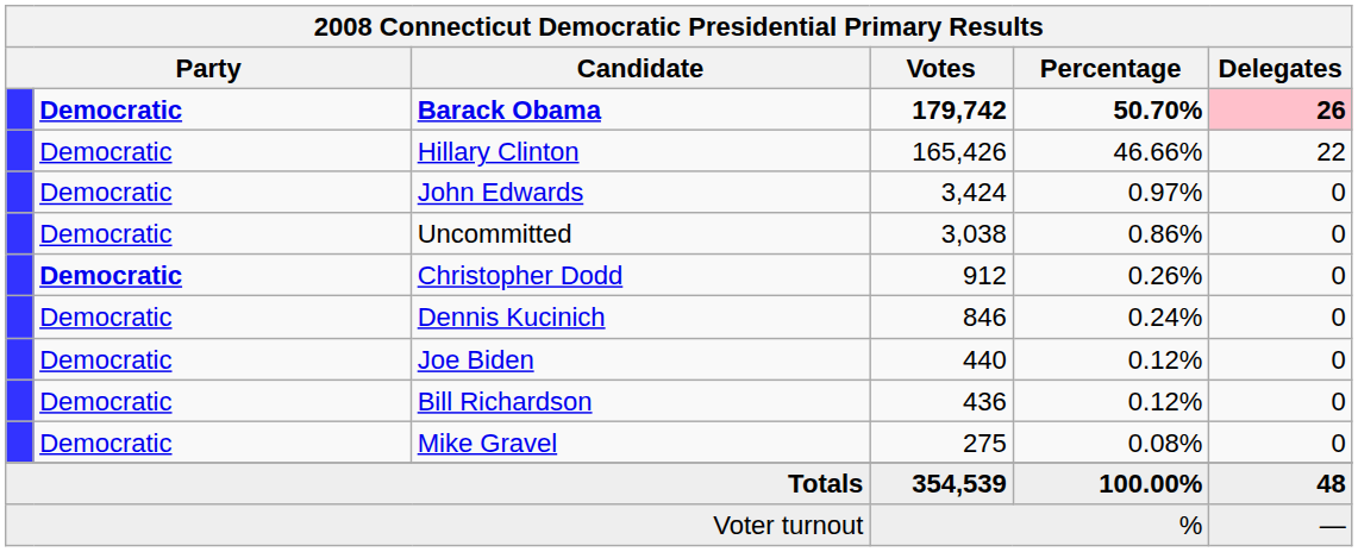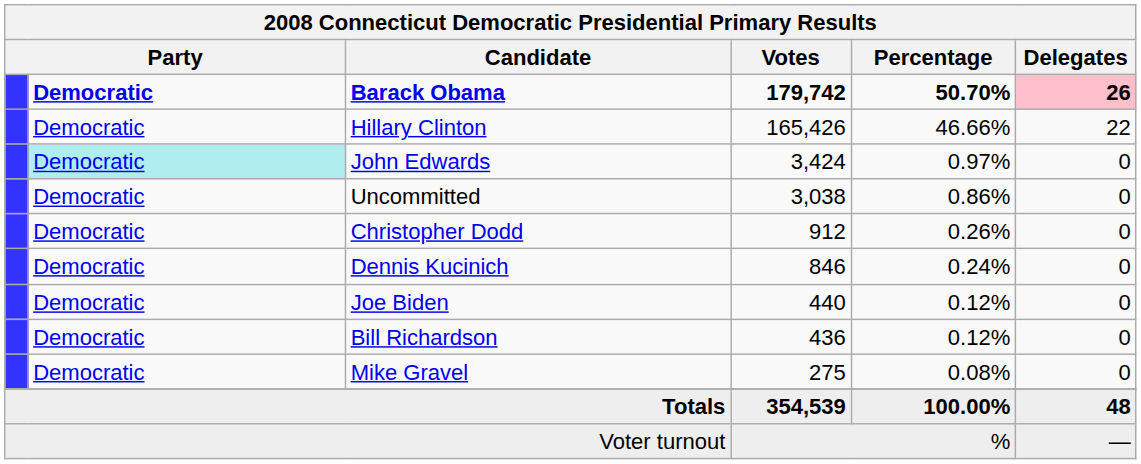 <table class="wikitable" style="font-size:95%;">
 <tr>
 <th colspan="7">2008 Connecticut Democratic Presidential Primary Results</th>
 </tr>
 <tr>
 <th colspan="2" style="width: 15em">Party</th>
 <th style="width: 17em">Candidate</th>
 <th style="width: 5em">Votes</th>
 <th style="width: 7em">Percentage</th>
 <th style="width: 5em">Delegates</th>
 </tr>
 <tr>
 <th style="background-color:#3333FF; width: 3px"></th>
 <td style="width: 130px"><strong><a href='#'>Democratic</a></strong></td>
 <td><strong><a href='#'>Barack Obama</a></strong></td>
 <td align="right"><strong>179,742</strong></td>
 <td align="right"><strong>50.70%</strong></td>
 <td align="right" style="background: pink;"><strong>26</strong></td>
 </tr>
 <tr>
 <th style="background-color:#3333FF; width: 3px"></th>
 <td style="width: 130px"><a href='#'>Democratic</a></td>
 <td><a href='#'>Hillary Clinton</a></td>
 <td align="right">165,426</td>
 <td align="right">46.66%</td>
 <td align="right">22</td>
 </tr>
 <tr>
 <th style="background-color:#3333FF; width: 3px"></th>
-<td style="width: 130px"><a href='#'>Democratic</a></td>
+<td style="background: paleturquoise; width: 130px"><a href='#'>Democratic</a></td>
 <td><a href='#'>John Edwards</a></td>
 <td align="right">3,424</td>
 <td align="right">0.97%</td>
 <td align="right">0</td>
 </tr>
 <tr>
 <th style="background-color:#3333FF; width: 3px"></th>
 <td style="width: 130px"><a href='#'>Democratic</a></td>
 <td>Uncommitted</td>
 <td align="right">3,038</td>
 <td align="right">0.86%</td>
 <td align="right">0</td>
 </tr>
 <tr>
 <th style="background-color:#3333FF; width: 3px"></th>
-<td style="width: 130px"><strong><a href='#'>Democratic</a></strong></td>
+<td style="width: 130px"><a href='#'>Democratic</a></td>
 <td><a href='#'>Christopher Dodd</a></td>
 <td align="right">912</td>
 <td align="right">0.26%</td>
 <td align="right">0</td>
 </tr>
 <tr>
 <th style="background-color:#3333FF; width: 3px"></th>
 <td style="width: 130px"><a href='#'>Democratic</a></td>
 <td><a href='#'>Dennis Kucinich</a></td>
 <td align="right">846</td>
 <td align="right">0.24%</td>
 <td align="right">0</td>
 </tr>
 <tr>
 <th style="background-color:#3333FF; width: 3px"></th>
 <td style="width: 130px"><a href='#'>Democratic</a></td>
 <td><a href='#'>Joe Biden</a></td>
 <td align="right">440</td>
 <td align="right">0.12%</td>
 <td align="right">0</td>
 </tr>
 <tr>
 <th style="background-color:#3333FF; width: 3px"></th>
 <td style="width: 130px"><a href='#'>Democratic</a></td>
 <td><a href='#'>Bill Richardson</a></td>
 <td align="right">436</td>
 <td align="right">0.12%</td>
 <td align="right">0</td>
 </tr>
 <tr>
 <th style="background-color:#3333FF; width: 3px"></th>
 <td style="width: 130px"><a href='#'>Democratic</a></td>
 <td><a href='#'>Mike Gravel</a></td>
 <td align="right">275</td>
 <td align="right">0.08%</td>
 <td align="right">0</td>
 </tr>
 <tr>
 </tr>
 <tr bgcolor="#EEEEEE">
 <td colspan="3" align="right"><strong>Totals</strong></td>
 <td align="right"><strong>354,539</strong></td>
 <td align="right"><strong>100.00%</strong></td>
 <td align="right"><strong>48</strong></td>
 </tr>
 <tr bgcolor="#EEEEEE">
 <td colspan="3" align="right">Voter turnout</td>
 <td colspan="2" align="right">%</td>
 <td align="right">—</td>
 </tr>
 </table>
